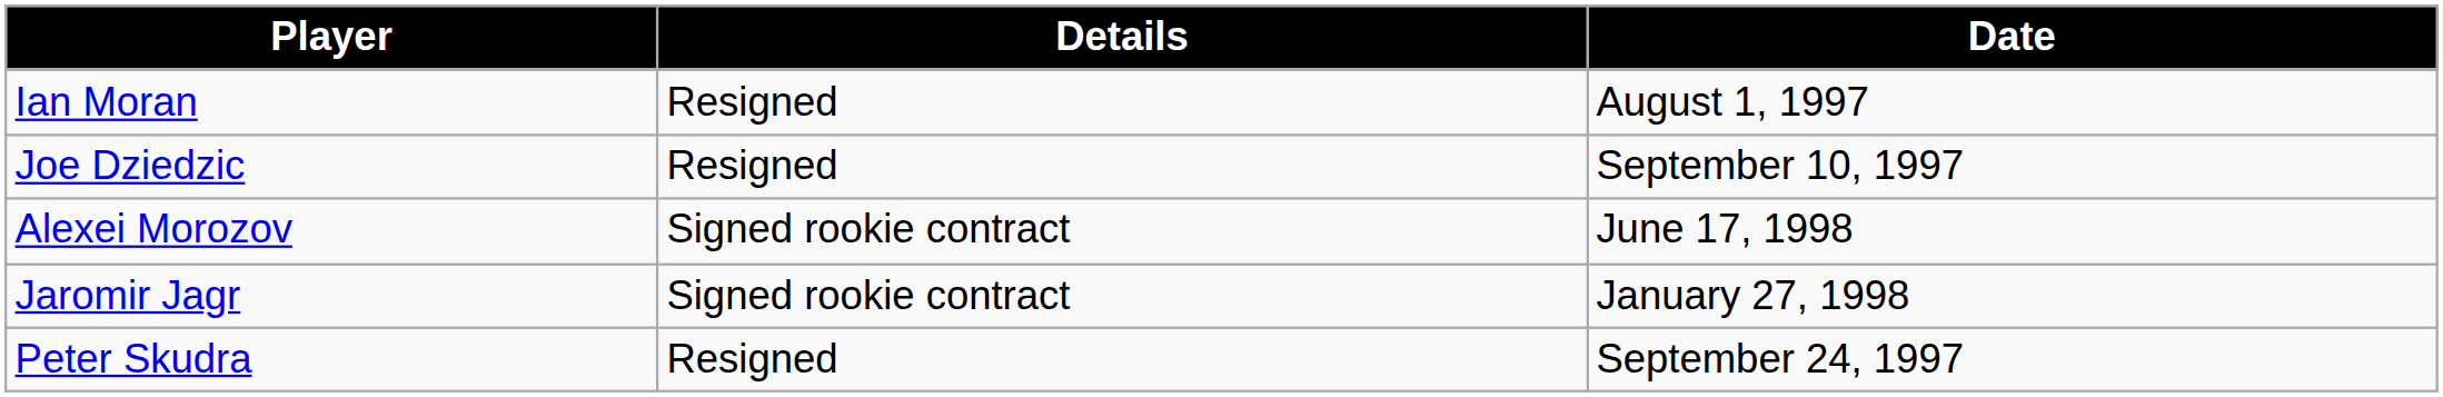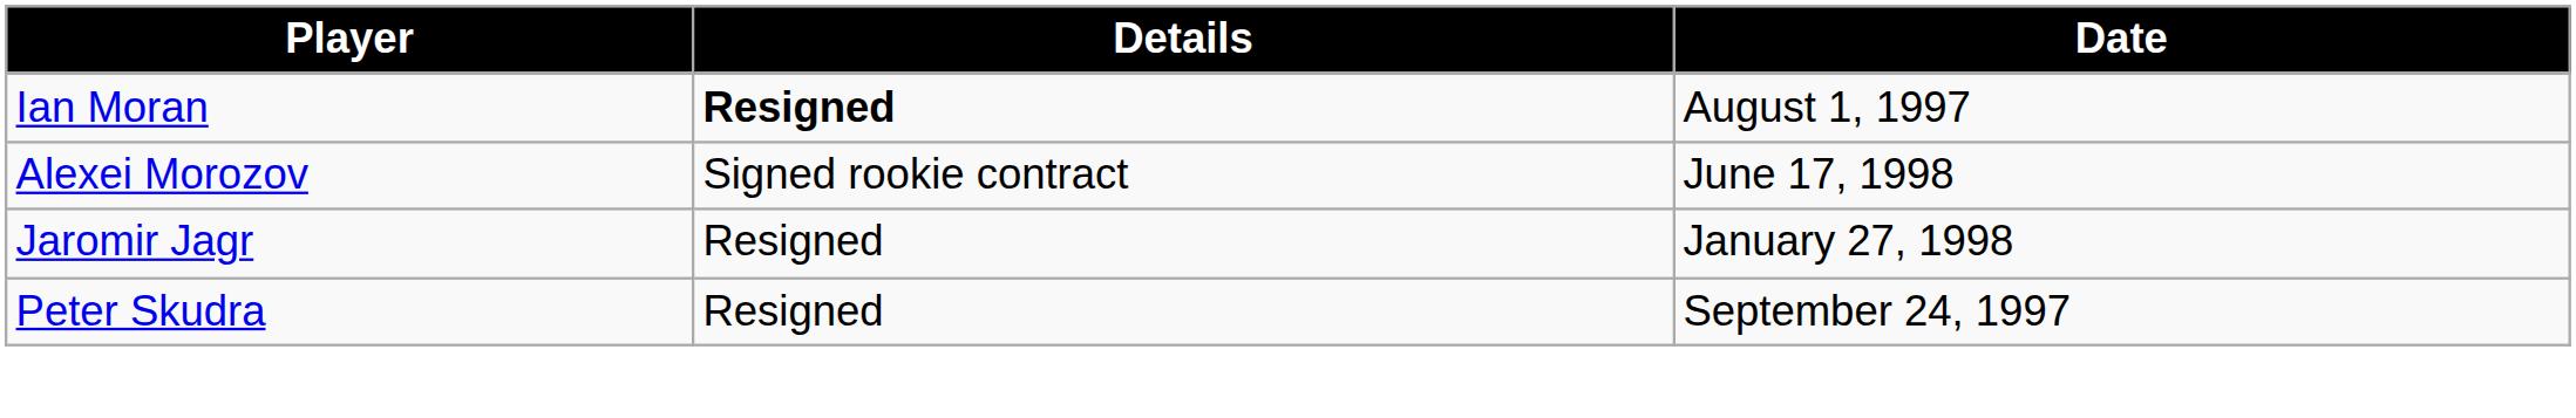 <table class="wikitable" style="width:60em">
 <tr style="text-align:center; background:#ddd;">
 <th style="color:white; background:#000000; ">Player</th>
 <th style="color:white; background:#000000; ">Details</th>
 <th style="color:white; background:#000000; ">Date</th>
 </tr>
 <tr>
 <td><a href='#'>Ian Moran</a></td>
-<td>Resigned</td>
+<td><strong>Resigned</strong></td>
 <td>August 1, 1997</td>
-</tr>
-<tr>
-<td><a href='#'>Joe Dziedzic</a></td>
-<td>Resigned</td>
-<td>September 10, 1997</td>
 </tr>
 <tr>
 <td><a href='#'>Alexei Morozov</a></td>
 <td>Signed rookie contract</td>
 <td>June 17, 1998</td>
 </tr>
 <tr>
 <td><a href='#'>Jaromir Jagr</a></td>
-<td>Signed rookie contract</td>
+<td>Resigned</td>
 <td>January 27, 1998</td>
 </tr>
 <tr>
 <td><a href='#'>Peter Skudra</a></td>
 <td>Resigned</td>
 <td>September 24, 1997</td>
 </tr>
 </table>
